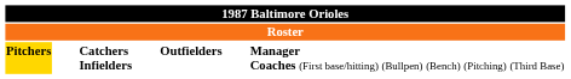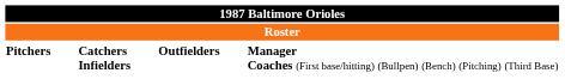 <table class="toccolours" style="font-size: 95%;">
 <tr>
 <th colspan="10" style="background-color: black; color: #FFFFFF; text-align: center;">1987 Baltimore Orioles</th>
 </tr>
 <tr>
 <td colspan="10" style="background-color: #F87217; color: white; text-align: center;"><strong>Roster</strong></td>
 </tr>
 <tr>
-<td valign="top" style="background: gold;"><strong>Pitchers</strong><br>                 </td>
+<td valign="top"><strong>Pitchers</strong><br>                 </td>
 <td width="25px"></td>
 <td valign="top"><strong>Catchers</strong><br>    <strong>Infielders</strong>          </td>
 <td width="25px"></td>
 <td valign="top"><strong>Outfielders</strong><br>       </td>
 <td width="25px"></td>
 <td valign="top"><strong>Manager</strong><br> <strong>Coaches</strong>  <small>(First base/hitting)</small>  <small>(Bullpen)</small>  <small>(Bench)</small>  <small>(Pitching)</small>  <small>(Third Base)</small></td>
 </tr>
 <tr>
 </tr>
 </table>
